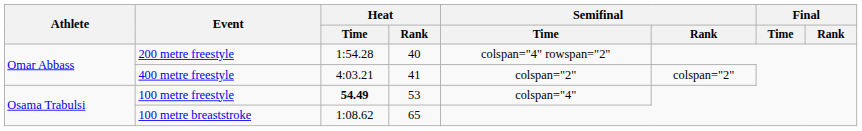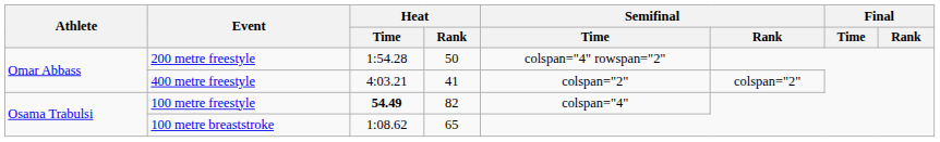 <table class="wikitable" style="text-align:center; font-size:90%; width:50%;">
 <tr>
 <th rowspan="2">Athlete</th>
 <th rowspan="2">Event</th>
 <th colspan="2">Heat</th>
 <th colspan="2">Semifinal</th>
 <th colspan="2">Final</th>
 </tr>
 <tr style="font-size:95%">
 <th>Time</th>
 <th>Rank</th>
 <th>Time</th>
 <th>Rank</th>
 <th>Time</th>
 <th>Rank</th>
 </tr>
 <tr align=center>
 <td align=left rowspan="2"><a href='#'>Omar Abbass</a></td>
 <td align=left><a href='#'>200 metre freestyle</a></td>
 <td>1:54.28</td>
-<td>40</td>
+<td>50</td>
 <td>colspan="4" rowspan="2"  </td>
 </tr>
 <tr align=center>
 <td align=left><a href='#'>400 metre freestyle</a></td>
 <td>4:03.21</td>
 <td>41</td>
 <td>colspan="2"  </td>
 <td>colspan="2"  </td>
 </tr>
 <tr align=center>
 <td align=left rowspan="2"><a href='#'>Osama Trabulsi</a></td>
 <td align=left><a href='#'>100 metre freestyle</a></td>
 <td><strong>54.49</strong></td>
-<td>53</td>
+<td>82</td>
 <td>colspan="4"  </td>
 </tr>
 <tr align=center>
 <td align=left><a href='#'>100 metre breaststroke</a></td>
 <td>1:08.62</td>
 <td>65</td>
 </tr>
 </table>
